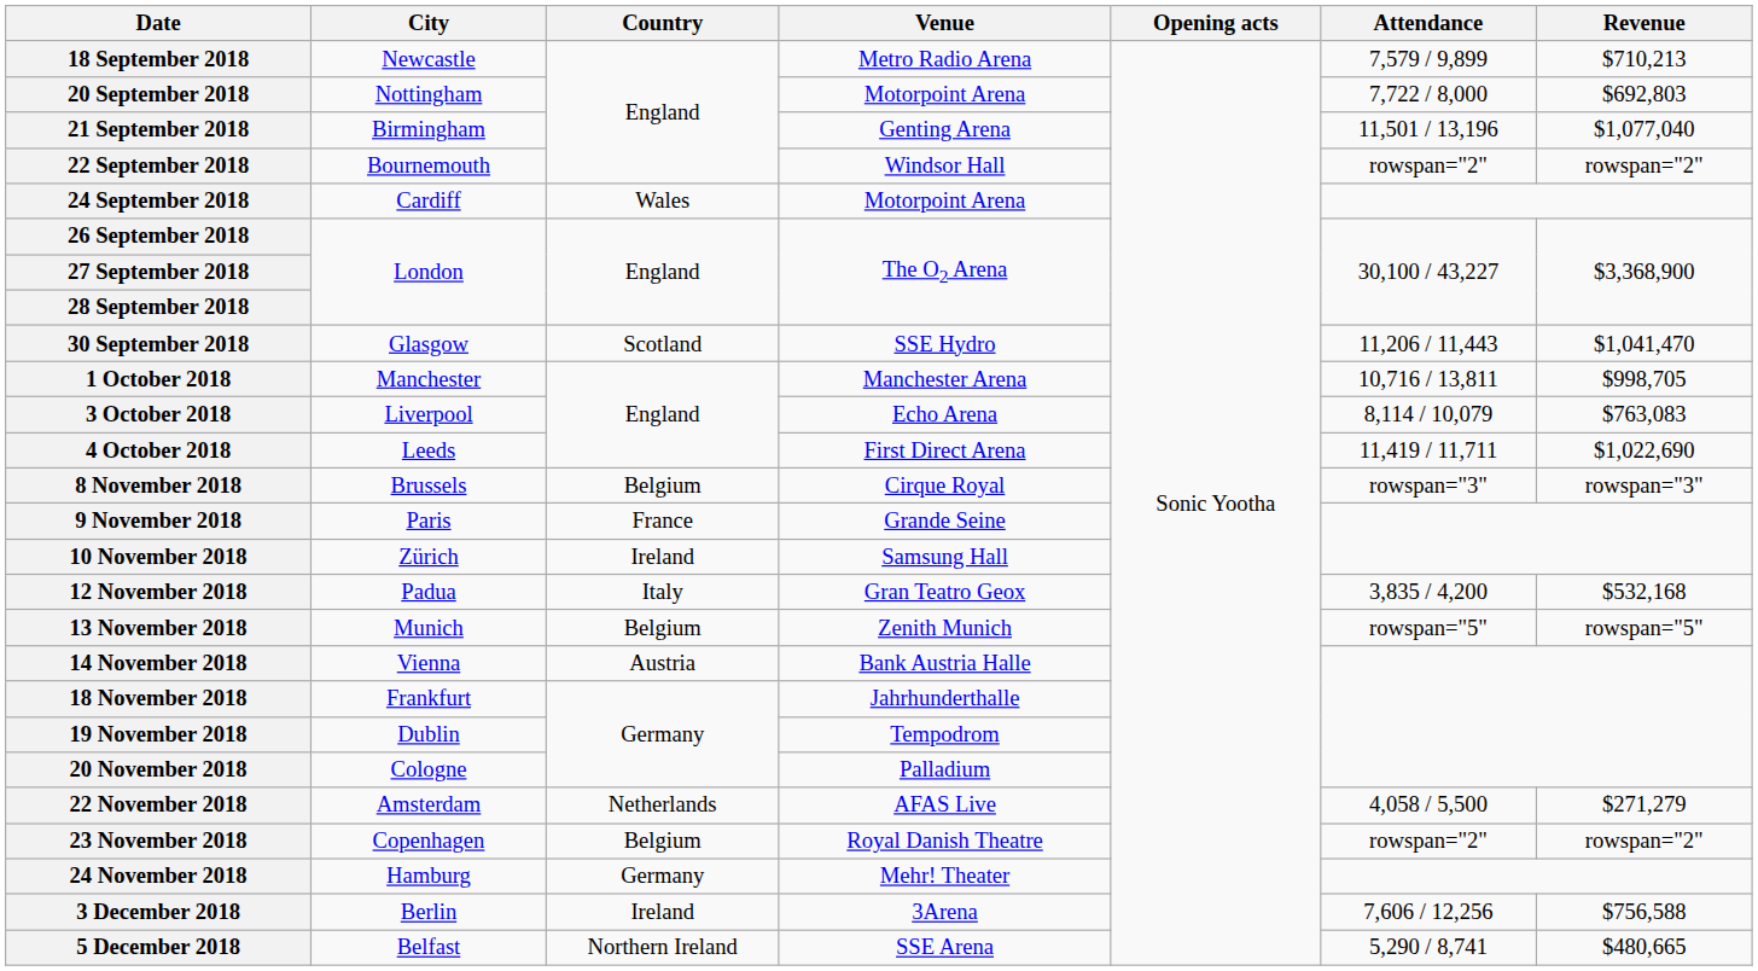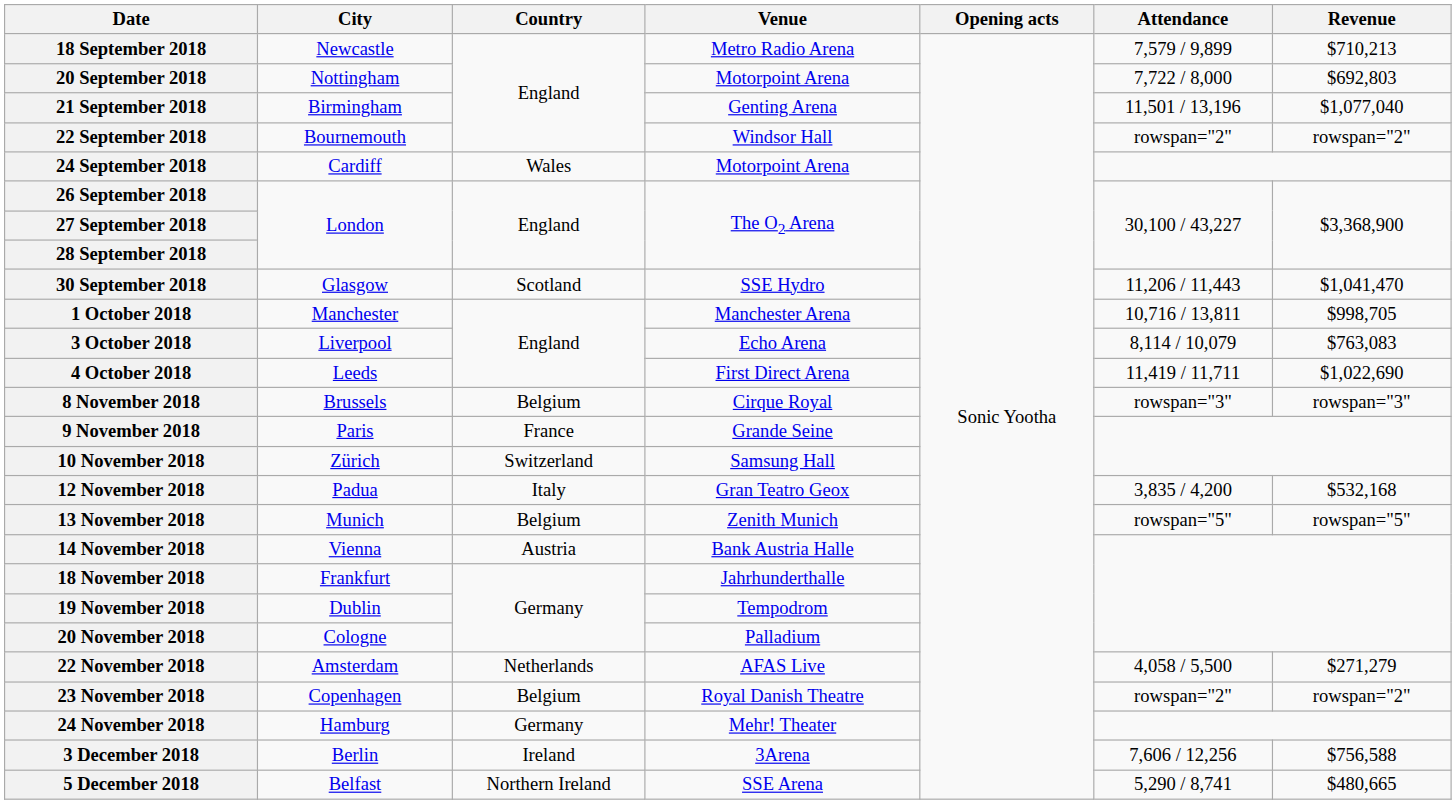 <table class="wikitable plainrowheaders" style="text-align:center;">
 <tr>
 <th scope="col" style="width:15em;">Date</th>
 <th scope="col" style="width:11em;">City</th>
 <th scope="col" style="width:11em;">Country</th>
 <th scope="col" style="width:16em;">Venue</th>
 <th scope="col" style="width:10em;">Opening acts</th>
 <th scope="col" style="width:10em;">Attendance</th>
 <th scope="col" style="width:10em;">Revenue</th>
 </tr>
 <tr>
 <th scope="row">18 September 2018</th>
 <td><a href='#'>Newcastle</a></td>
 <td rowspan="4">England</td>
 <td><a href='#'>Metro Radio Arena</a></td>
 <td rowspan="26">Sonic Yootha</td>
 <td>7,579 / 9,899</td>
 <td>$710,213</td>
 </tr>
 <tr>
 <th scope="row">20 September 2018</th>
 <td><a href='#'>Nottingham</a></td>
 <td><a href='#'>Motorpoint Arena</a></td>
 <td>7,722 / 8,000</td>
 <td>$692,803</td>
 </tr>
 <tr>
 <th scope="row">21 September 2018</th>
 <td><a href='#'>Birmingham</a></td>
 <td><a href='#'>Genting Arena</a></td>
 <td>11,501 / 13,196</td>
 <td>$1,077,040</td>
 </tr>
 <tr>
 <th scope="row">22 September 2018</th>
 <td><a href='#'>Bournemouth</a></td>
 <td><a href='#'>Windsor Hall</a></td>
 <td>rowspan="2" </td>
 <td>rowspan="2" </td>
 </tr>
 <tr>
 <th scope="row">24 September 2018</th>
 <td><a href='#'>Cardiff</a></td>
 <td>Wales</td>
 <td><a href='#'>Motorpoint Arena</a></td>
 </tr>
 <tr>
 <th scope="row">26 September 2018</th>
 <td rowspan="3"><a href='#'>London</a></td>
 <td rowspan="3">England</td>
 <td rowspan="3"><a href='#'>The O<sub>2</sub> Arena</a></td>
 <td rowspan="3">30,100 / 43,227</td>
 <td rowspan="3">$3,368,900</td>
 </tr>
 <tr>
 <th scope="row">27 September 2018</th>
 </tr>
 <tr>
 <th scope="row">28 September 2018</th>
 </tr>
 <tr>
 <th scope="row">30 September 2018</th>
 <td><a href='#'>Glasgow</a></td>
 <td>Scotland</td>
 <td><a href='#'>SSE Hydro</a></td>
 <td>11,206 / 11,443</td>
 <td>$1,041,470</td>
 </tr>
 <tr>
 <th scope="row">1 October 2018</th>
 <td><a href='#'>Manchester</a></td>
 <td rowspan="3">England</td>
 <td><a href='#'>Manchester Arena</a></td>
 <td>10,716 / 13,811</td>
 <td>$998,705</td>
 </tr>
 <tr>
 <th scope="row">3 October 2018</th>
 <td><a href='#'>Liverpool</a></td>
 <td><a href='#'>Echo Arena</a></td>
 <td>8,114 / 10,079</td>
 <td>$763,083</td>
 </tr>
 <tr>
 <th scope="row">4 October 2018</th>
 <td><a href='#'>Leeds</a></td>
 <td><a href='#'>First Direct Arena</a></td>
 <td>11,419 / 11,711</td>
 <td>$1,022,690</td>
 </tr>
 <tr>
 <th scope="row">8 November 2018</th>
 <td><a href='#'>Brussels</a></td>
 <td>Belgium</td>
 <td><a href='#'>Cirque Royal</a></td>
 <td>rowspan="3" </td>
 <td>rowspan="3" </td>
 </tr>
 <tr>
 <th scope="row">9 November 2018</th>
 <td><a href='#'>Paris</a></td>
 <td>France</td>
 <td><a href='#'>Grande Seine</a></td>
 </tr>
 <tr>
 <th scope="row">10 November 2018</th>
 <td><a href='#'>Zürich</a></td>
-<td>Ireland</td>
+<td>Switzerland</td>
 <td><a href='#'>Samsung Hall</a></td>
 </tr>
 <tr>
 <th scope="row">12 November 2018</th>
 <td><a href='#'>Padua</a></td>
 <td>Italy</td>
 <td><a href='#'>Gran Teatro Geox</a></td>
 <td>3,835 / 4,200</td>
 <td>$532,168</td>
 </tr>
 <tr>
 <th scope="row">13 November 2018</th>
 <td><a href='#'>Munich</a></td>
 <td>Belgium</td>
 <td><a href='#'>Zenith Munich</a></td>
 <td>rowspan="5" </td>
 <td>rowspan="5" </td>
 </tr>
 <tr>
 <th scope="row">14 November 2018</th>
 <td><a href='#'>Vienna</a></td>
 <td>Austria</td>
 <td><a href='#'>Bank Austria Halle</a></td>
 </tr>
 <tr>
 <th scope="row">18 November 2018</th>
 <td><a href='#'>Frankfurt</a></td>
 <td rowspan="3">Germany</td>
 <td><a href='#'>Jahrhunderthalle</a></td>
 </tr>
 <tr>
 <th scope="row">19 November 2018</th>
 <td><a href='#'>Dublin</a></td>
 <td><a href='#'>Tempodrom</a></td>
 </tr>
 <tr>
 <th scope="row">20 November 2018</th>
 <td><a href='#'>Cologne</a></td>
 <td><a href='#'>Palladium</a></td>
 </tr>
 <tr>
 <th scope="row">22 November 2018</th>
 <td><a href='#'>Amsterdam</a></td>
 <td>Netherlands</td>
 <td><a href='#'>AFAS Live</a></td>
 <td>4,058 / 5,500</td>
 <td>$271,279</td>
 </tr>
 <tr>
 <th scope="row">23 November 2018</th>
 <td><a href='#'>Copenhagen</a></td>
 <td>Belgium</td>
 <td><a href='#'>Royal Danish Theatre</a></td>
 <td>rowspan="2" </td>
 <td>rowspan="2" </td>
 </tr>
 <tr>
 <th scope="row">24 November 2018</th>
 <td><a href='#'>Hamburg</a></td>
 <td>Germany</td>
 <td><a href='#'>Mehr! Theater</a></td>
 </tr>
 <tr>
 <th scope="row">3 December 2018</th>
 <td><a href='#'>Berlin</a></td>
 <td>Ireland</td>
 <td><a href='#'>3Arena</a></td>
 <td>7,606 / 12,256</td>
 <td>$756,588</td>
 </tr>
 <tr>
 <th scope="row">5 December 2018</th>
 <td><a href='#'>Belfast</a></td>
 <td>Northern Ireland</td>
 <td><a href='#'>SSE Arena</a></td>
 <td>5,290 / 8,741</td>
 <td>$480,665</td>
 </tr>
 </table>
